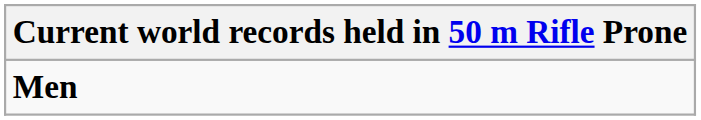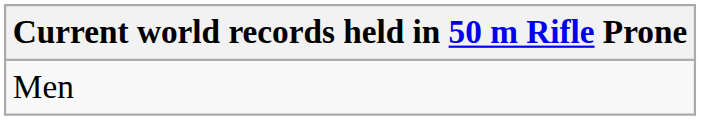 <table class="wikitable" style="font-size: 95%">
 <tr>
 <th colspan=9>Current world records held in <a href='#'>50 m Rifle</a> Prone</th>
 </tr>
 <tr>
-<td><strong>Men<br></strong></td>
+<td>Men<br></td>
 </tr>
 </table>
